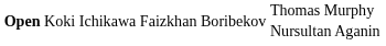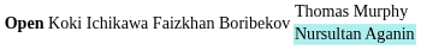 <table>
 <tr>
 <th scope=row rowspan=2>Open</th>
 <td rowspan=2> Koki Ichikawa</td>
 <td rowspan=2> Faizkhan Boribekov</td>
 <td> Thomas Murphy</td>
 </tr>
 <tr>
-<td> Nursultan Aganin</td>
+<td style="background: paleturquoise;"> Nursultan Aganin</td>
 </tr>
 <tr>
 </tr>
 </table>
